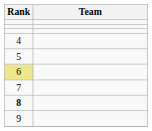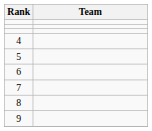 <table class="wikitable" style="text-align: center;">
 <tr>
 <th width=40>Rank</th>
 <th width=180>Team</th>
 </tr>
 <tr>
 <td></td>
 <td align=left></td>
 </tr>
 <tr>
 <td></td>
 <td align=left></td>
 </tr>
 <tr>
 <td></td>
 <td align=left></td>
 </tr>
 <tr>
 <td>4</td>
 <td align=left></td>
 </tr>
 <tr>
 <td>5</td>
 <td align=left></td>
 </tr>
 <tr>
-<td style="background: khaki;">6</td>
+<td>6</td>
 <td align=left></td>
 </tr>
 <tr>
 <td>7</td>
 <td align=left></td>
 </tr>
 <tr>
-<td><strong>8</strong></td>
+<td>8</td>
 <td align=left></td>
 </tr>
 <tr>
 <td>9</td>
 <td align=left></td>
 </tr>
 <tr>
 </tr>
 </table>
